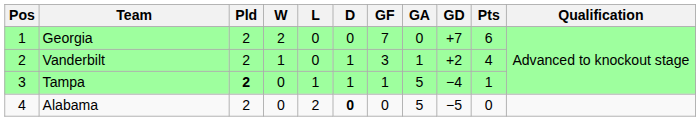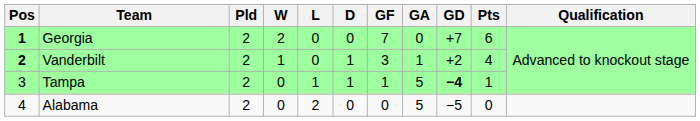 <table class="wikitable" style="text-align:center; margin: 1em auto">
 <tr>
 <th style="width:2em">Pos</th>
 <th style="width:13em">Team</th>
 <th style="width:2em">Pld</th>
 <th style="width:2em">W</th>
 <th style="width:2em">L</th>
 <th style="width:2em">D</th>
 <th style="width:2em">GF</th>
 <th style="width:2em">GA</th>
 <th style="width:2em">GD</th>
 <th style="width:2em">Pts</th>
 <th style="width:13em">Qualification</th>
 </tr>
 <tr bgcolor="#9eff9e">
-<td>1</td>
+<td><strong>1</strong></td>
 <td style="text-align:left">Georgia</td>
 <td>2</td>
 <td>2</td>
 <td>0</td>
 <td>0</td>
 <td>7</td>
 <td>0</td>
 <td>+7</td>
 <td>6</td>
 <td rowspan="3">Advanced to knockout stage</td>
 </tr>
 <tr bgcolor="#9eff9e">
-<td>2</td>
+<td><strong>2</strong></td>
 <td style="text-align:left">Vanderbilt</td>
 <td>2</td>
 <td>1</td>
 <td>0</td>
 <td>1</td>
 <td>3</td>
 <td>1</td>
 <td>+2</td>
 <td>4</td>
 </tr>
 <tr bgcolor="#9eff9e">
 <td>3</td>
 <td style="text-align:left">Tampa</td>
-<td><strong>2</strong></td>
+<td>2</td>
 <td>0</td>
 <td>1</td>
 <td>1</td>
 <td>1</td>
 <td>5</td>
-<td>−4</td>
+<td><strong>−4</strong></td>
 <td>1</td>
 </tr>
 <tr>
 <td>4</td>
 <td style="text-align:left">Alabama</td>
 <td>2</td>
 <td>0</td>
 <td>2</td>
-<td><strong>0</strong></td>
+<td>0</td>
 <td>0</td>
 <td>5</td>
 <td>−5</td>
 <td>0</td>
 <td></td>
 </tr>
 </table>
